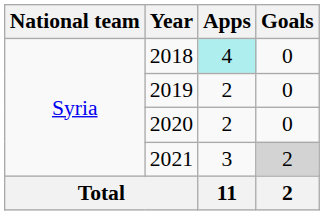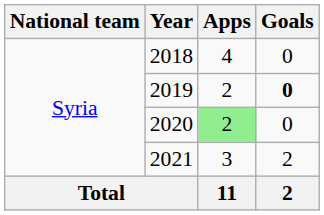 <table class="wikitable" style="text-align:center">
 <tr>
 <th>National team</th>
 <th>Year</th>
 <th>Apps</th>
 <th>Goals</th>
 </tr>
 <tr>
 <td rowspan="4"><a href='#'>Syria</a></td>
 <td>2018</td>
-<td style="background: paleturquoise;">4</td>
+<td>4</td>
 <td>0</td>
 </tr>
 <tr>
 <td>2019</td>
 <td>2</td>
-<td>0</td>
+<td><strong>0</strong></td>
 </tr>
 <tr>
 <td>2020</td>
-<td>2</td>
+<td style="background: lightgreen;">2</td>
 <td>0</td>
 </tr>
 <tr>
 <td>2021</td>
 <td>3</td>
-<td style="background: lightgrey;">2</td>
+<td>2</td>
 </tr>
 <tr>
 <th colspan="2">Total</th>
 <th>11</th>
 <th>2</th>
 </tr>
 </table>
